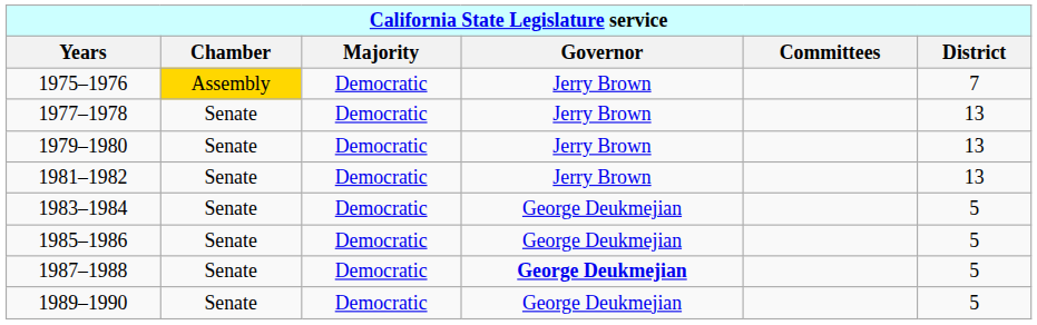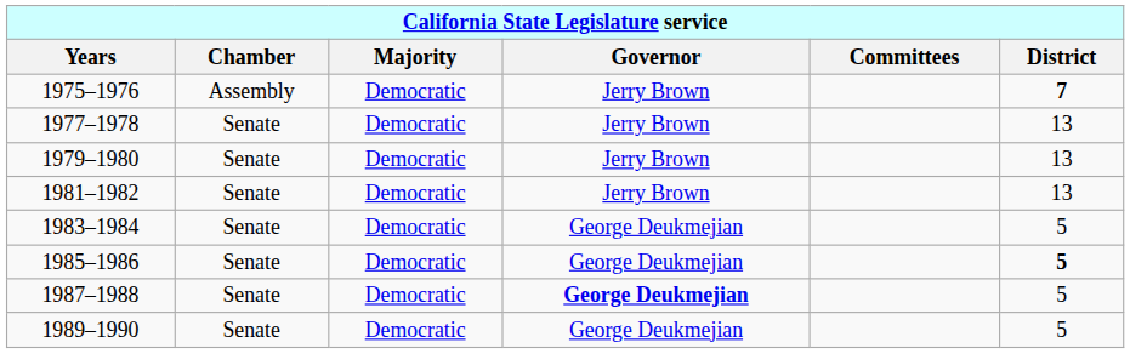 <table class="wikitable"  style="text-align:center; width:94%; margin:auto;">
 <tr>
 <th colspan="6" style="background:#cff;"><a href='#'>California State Legislature</a> service</th>
 </tr>
 <tr>
 <th>Years</th>
 <th>Chamber</th>
 <th>Majority</th>
 <th>Governor</th>
 <th>Committees</th>
 <th>District</th>
 </tr>
 <tr>
 <td>1975–1976</td>
-<td style="background: gold;">Assembly</td>
+<td>Assembly</td>
 <td><a href='#'>Democratic</a></td>
 <td><a href='#'>Jerry Brown</a></td>
 <td></td>
-<td>7</td>
+<td><strong>7</strong></td>
 </tr>
 <tr>
 <td>1977–1978</td>
 <td>Senate</td>
 <td><a href='#'>Democratic</a></td>
 <td><a href='#'>Jerry Brown</a></td>
 <td></td>
 <td>13</td>
 </tr>
 <tr>
 <td>1979–1980</td>
 <td>Senate</td>
 <td><a href='#'>Democratic</a></td>
 <td><a href='#'>Jerry Brown</a></td>
 <td></td>
 <td>13</td>
 </tr>
 <tr>
 <td>1981–1982</td>
 <td>Senate</td>
 <td><a href='#'>Democratic</a></td>
 <td><a href='#'>Jerry Brown</a></td>
 <td></td>
 <td>13</td>
 </tr>
 <tr>
 <td>1983–1984</td>
 <td>Senate</td>
 <td><a href='#'>Democratic</a></td>
 <td><a href='#'>George Deukmejian</a></td>
 <td></td>
 <td>5</td>
 </tr>
 <tr>
 <td>1985–1986</td>
 <td>Senate</td>
 <td><a href='#'>Democratic</a></td>
 <td><a href='#'>George Deukmejian</a></td>
 <td></td>
-<td>5</td>
+<td><strong>5</strong></td>
 </tr>
 <tr>
 <td>1987–1988</td>
 <td>Senate</td>
 <td><a href='#'>Democratic</a></td>
 <td><strong><a href='#'>George Deukmejian</a></strong></td>
 <td></td>
 <td>5</td>
 </tr>
 <tr>
 <td>1989–1990</td>
 <td>Senate</td>
 <td><a href='#'>Democratic</a></td>
 <td><a href='#'>George Deukmejian</a></td>
 <td></td>
 <td>5</td>
 </tr>
 </table>
